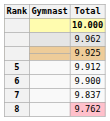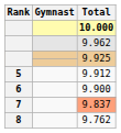 <table class="wikitable sortable" style="text-align:center; font-size:95%">
 <tr>
 <th scope=col>Rank</th>
 <th scope=col>Gymnast</th>
 <th scope=col>Total</th>
 </tr>
 <tr bgcolor=fffcaf>
 <th scope=row style="text-align:center"></th>
 <td align=left></td>
 <td><strong>10.000</strong></td>
 </tr>
 <tr bgcolor=e5e5e5>
 <th scope=row style="text-align:center"></th>
 <td align=left></td>
 <td>9.962</td>
 </tr>
 <tr bgcolor=eecc99>
 <th rowspan="2" scope=row style="text-align:center"></th>
 <td align=left></td>
 <td rowspan="2">9.925</td>
 </tr>
 <tr bgcolor=eecc99>
 <td align=left></td>
 </tr>
 <tr>
 <th scope=row style="text-align:center">5</th>
 <td align=left></td>
 <td>9.912</td>
 </tr>
 <tr>
 <th scope=row style="text-align:center">6</th>
 <td align=left></td>
 <td>9.900</td>
 </tr>
 <tr>
 <th scope=row style="text-align:center">7</th>
 <td align=left></td>
-<td>9.837</td>
+<td style="background: lightsalmon;">9.837</td>
 </tr>
 <tr>
 <th scope=row style="text-align:center">8</th>
 <td align=left></td>
-<td style="background: pink;">9.762</td>
+<td>9.762</td>
 </tr>
 </table>
